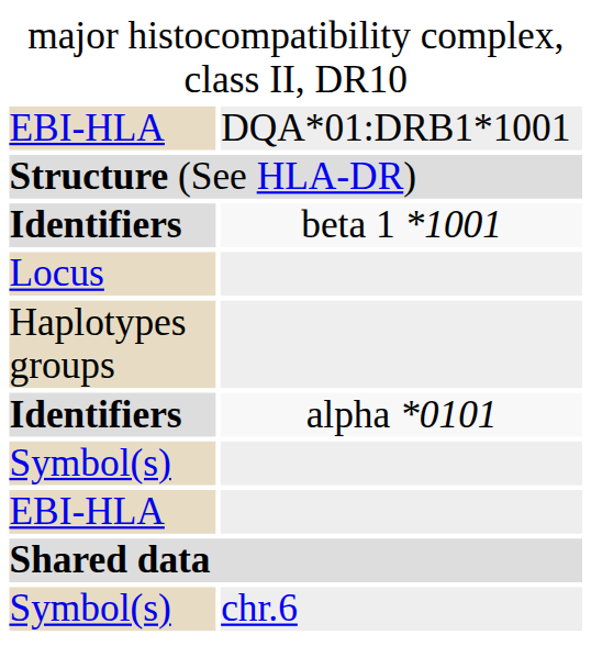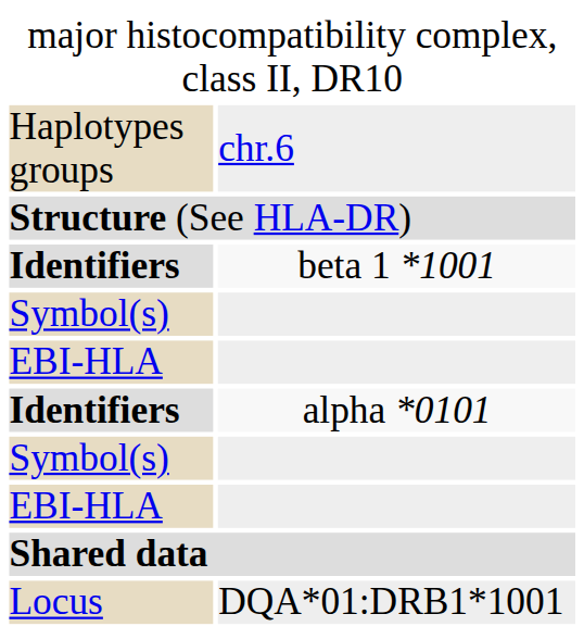 <table id="drugInfoBox" style="float: right; clear: right; margin: 0 0 0.5em 1em; background: #ffffff;" class="toccolours" border=0 cellpadding=0 align=right width="240px">
 <tr>
 <td align="center" colspan="2"></td>
 </tr>
 <tr>
 <td align="center" colspan="2"><div>major histocompatibility complex, class II, DR10</div></td>
 </tr>
 <tr>
-<td bgcolor="#e7dcc3"><a href='#'>EBI-HLA</a></td>
-<td bgcolor="#eeeeee">DQA*01:DRB1*1001</td>
+<td bgcolor="#e7dcc3">Haplotypes groups</td>
+<td bgcolor="#eeeeee"><a href='#'>chr.6</a> <em></em></td>
 </tr>
 <tr>
 <td colspan="2" bgcolor="#dddddd"><strong>Structure</strong> (See <a href='#'>HLA-DR</a>)</td>
 </tr>
 <tr style="background:#f8f8f8">
 <td bgcolor="#dddddd"><strong>Identifiers</strong></td>
 <td align="center"><div>beta 1 <em>*1001</em></div></td>
 </tr>
 <tr>
-<td bgcolor="#e7dcc3"><a href='#'>Locus</a></td>
+<td bgcolor="#e7dcc3"><a href='#'>Symbol(s)</a></td>
 <td bgcolor="#eeeeee"></td>
 </tr>
 <tr>
-<td bgcolor="#e7dcc3">Haplotypes groups</td>
+<td bgcolor="#e7dcc3"><a href='#'>EBI-HLA</a></td>
 <td bgcolor="#eeeeee"></td>
 </tr>
 <tr style="background:#f8f8f8">
 <td bgcolor="#dddddd"><strong>Identifiers</strong></td>
 <td align="center"><div>alpha <em>*0101</em></div></td>
 </tr>
 <tr>
 <td bgcolor="#e7dcc3"><a href='#'>Symbol(s)</a></td>
 <td bgcolor="#eeeeee"></td>
 </tr>
 <tr>
 <td bgcolor="#e7dcc3"><a href='#'>EBI-HLA</a></td>
 <td bgcolor="#eeeeee"></td>
 </tr>
 <tr>
 <td colspan="2" bgcolor="#dddddd"><strong>Shared data</strong></td>
 </tr>
 <tr>
-<td bgcolor="#e7dcc3"><a href='#'>Symbol(s)</a></td>
-<td bgcolor="#eeeeee"><a href='#'>chr.6</a> <em></em></td>
+<td bgcolor="#e7dcc3"><a href='#'>Locus</a></td>
+<td bgcolor="#eeeeee">DQA*01:DRB1*1001</td>
 </tr>
 <tr>
 </tr>
 </table>
